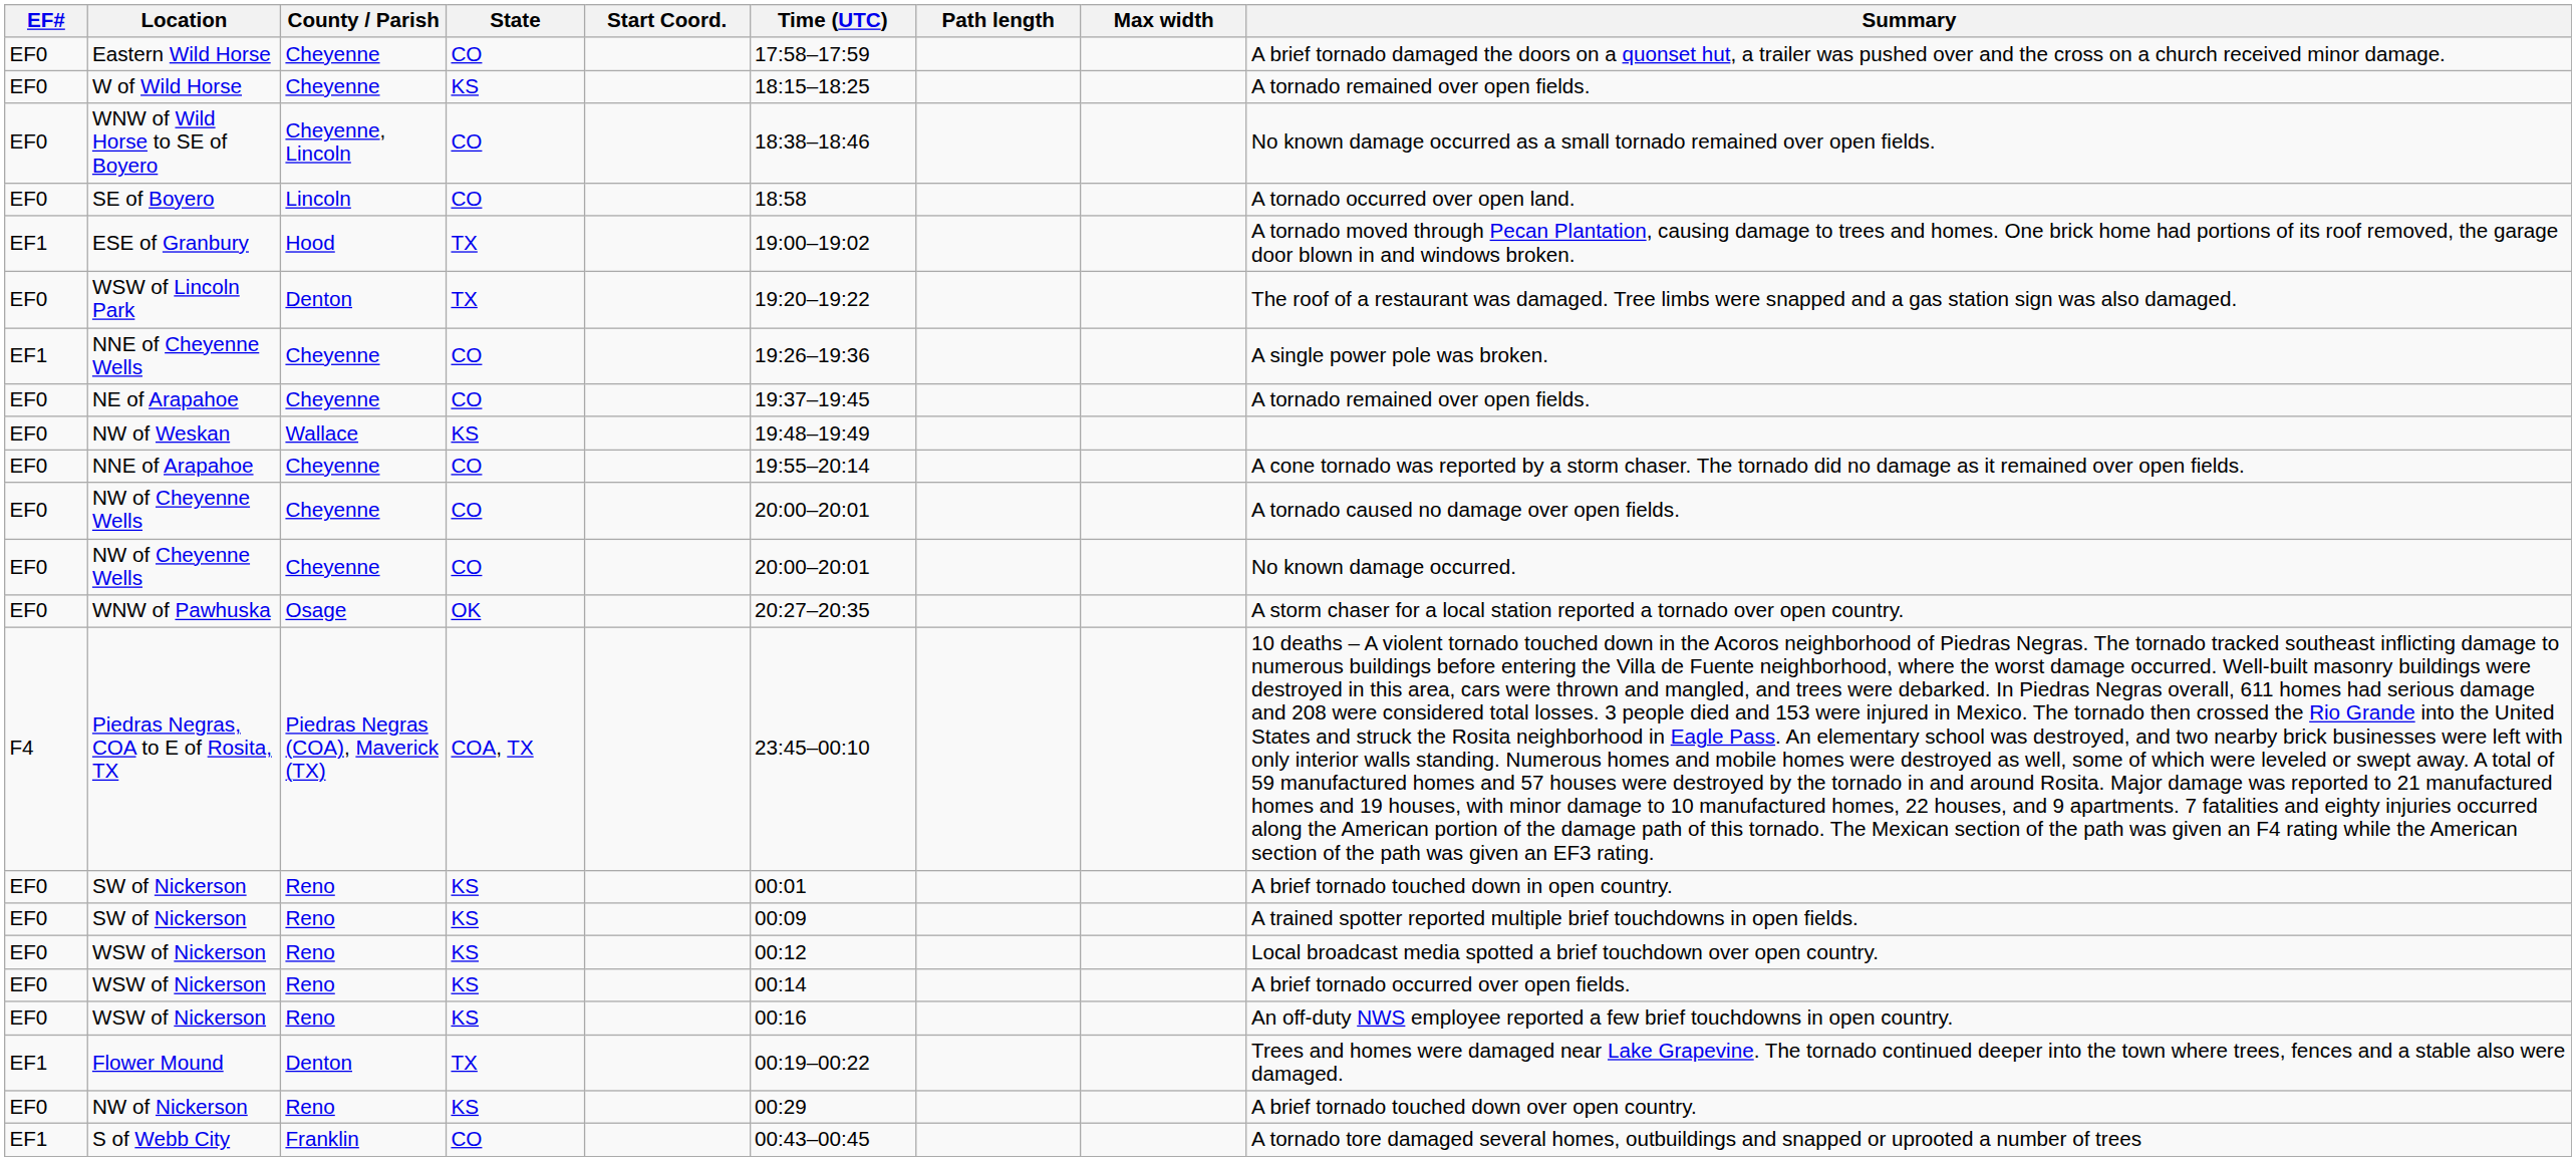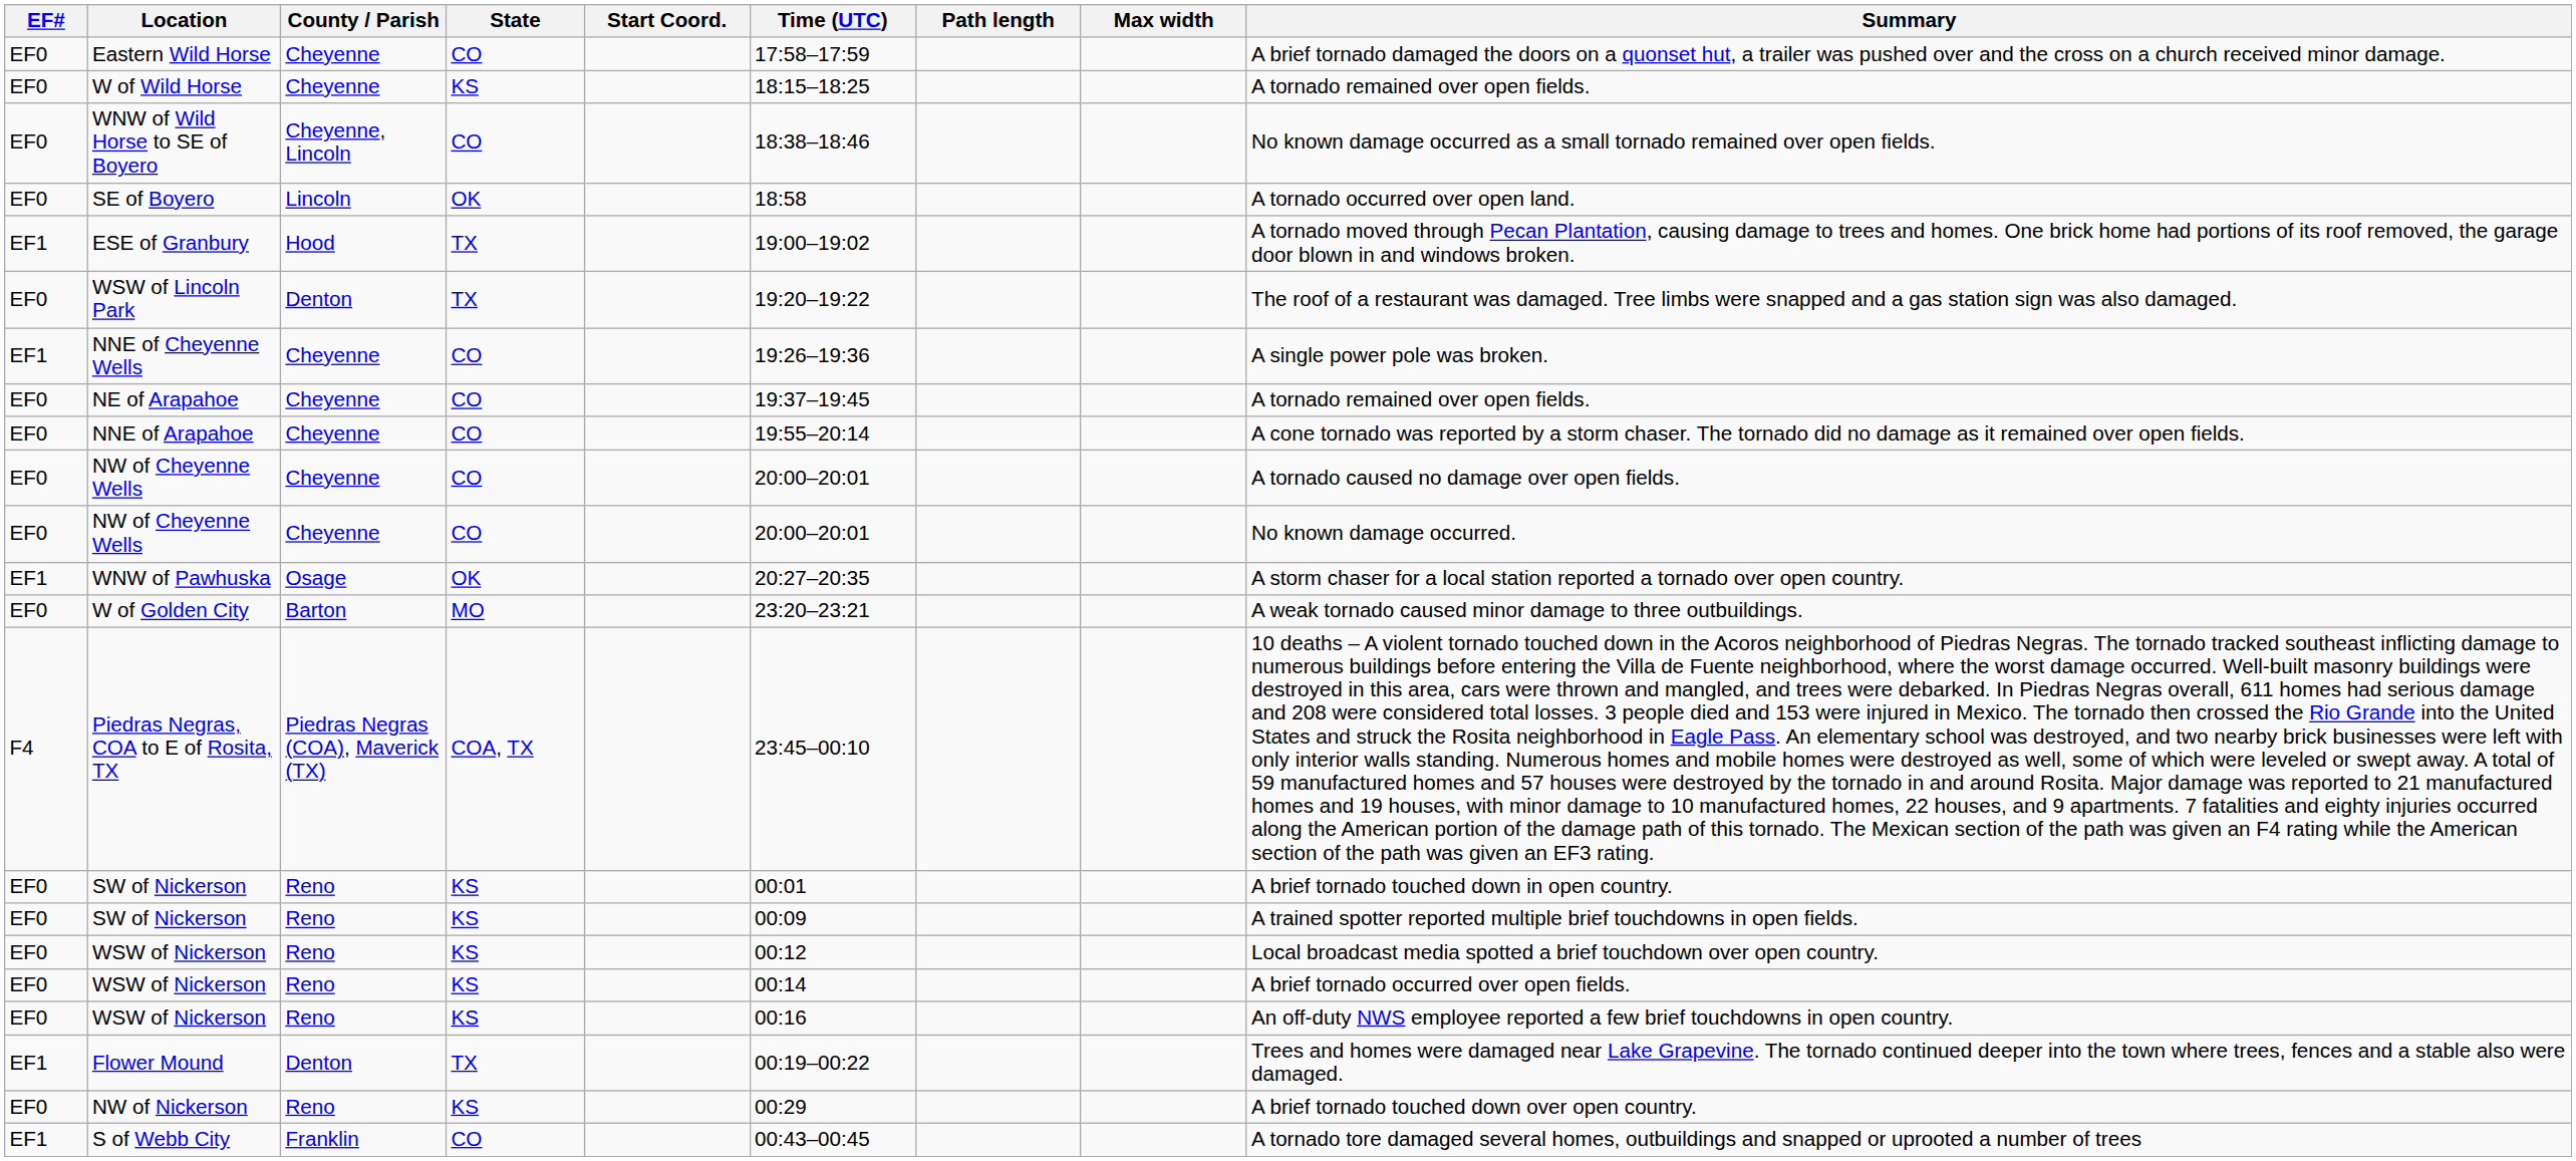 <table class="wikitable sortable" style="width:100%;">
 <tr>
 <th scope="col"  style="width:3%; text-align:center;"><a href='#'>EF#</a></th>
 <th scope="col"  style="width:7%; text-align:center;" class="unsortable">Location</th>
 <th scope="col"  style="width:6%; text-align:center;" class="unsortable">County / Parish</th>
 <th scope="col"  style="width:5%; text-align:center;">State</th>
 <th scope="col"  style="width:6%; text-align:center;">Start Coord.</th>
 <th scope="col"  style="width:6%; text-align:center;">Time (<a href='#'>UTC</a>)</th>
 <th scope="col"  style="width:6%; text-align:center;">Path length</th>
 <th scope="col"  style="width:6%; text-align:center;">Max width</th>
 <th scope="col" class="unsortable" style="width:48%; text-align:center;">Summary</th>
 </tr>
 <tr>
 <td>EF0</td>
 <td>Eastern <a href='#'>Wild Horse</a></td>
 <td><a href='#'>Cheyenne</a></td>
 <td><a href='#'>CO</a></td>
 <td></td>
 <td>17:58–17:59</td>
 <td></td>
 <td></td>
 <td>A brief tornado damaged the doors on a <a href='#'>quonset hut</a>, a trailer was pushed over and the cross on a church received minor damage.</td>
 </tr>
 <tr>
 <td>EF0</td>
 <td>W of <a href='#'>Wild Horse</a></td>
 <td><a href='#'>Cheyenne</a></td>
 <td><a href='#'>KS</a></td>
 <td></td>
 <td>18:15–18:25</td>
 <td></td>
 <td></td>
 <td>A tornado remained over open fields.</td>
 </tr>
 <tr>
 <td>EF0</td>
 <td>WNW of <a href='#'>Wild Horse</a> to SE of <a href='#'>Boyero</a></td>
 <td><a href='#'>Cheyenne</a>, <a href='#'>Lincoln</a></td>
 <td><a href='#'>CO</a></td>
 <td></td>
 <td>18:38–18:46</td>
 <td></td>
 <td></td>
 <td>No known damage occurred as a small tornado remained over open fields.</td>
 </tr>
 <tr>
 <td>EF0</td>
 <td>SE of <a href='#'>Boyero</a></td>
 <td><a href='#'>Lincoln</a></td>
-<td><a href='#'>CO</a></td>
+<td><a href='#'>OK</a></td>
 <td></td>
 <td>18:58</td>
 <td></td>
 <td></td>
 <td>A tornado occurred over open land.</td>
 </tr>
 <tr>
 <td>EF1</td>
 <td>ESE of <a href='#'>Granbury</a></td>
 <td><a href='#'>Hood</a></td>
 <td><a href='#'>TX</a></td>
 <td></td>
 <td>19:00–19:02</td>
 <td></td>
 <td></td>
 <td>A tornado moved through <a href='#'>Pecan Plantation</a>, causing damage to trees and homes. One brick home had portions of its roof removed, the garage door blown in and windows broken.</td>
 </tr>
 <tr>
 <td>EF0</td>
 <td>WSW of <a href='#'>Lincoln Park</a></td>
 <td><a href='#'>Denton</a></td>
 <td><a href='#'>TX</a></td>
 <td></td>
 <td>19:20–19:22</td>
 <td></td>
 <td></td>
 <td>The roof of a restaurant was damaged. Tree limbs were snapped and a gas station sign was also damaged.</td>
 </tr>
 <tr>
 <td>EF1</td>
 <td>NNE of <a href='#'>Cheyenne Wells</a></td>
 <td><a href='#'>Cheyenne</a></td>
 <td><a href='#'>CO</a></td>
 <td></td>
 <td>19:26–19:36</td>
 <td></td>
 <td></td>
 <td>A single power pole was broken.</td>
 </tr>
 <tr>
 <td>EF0</td>
 <td>NE of <a href='#'>Arapahoe</a></td>
 <td><a href='#'>Cheyenne</a></td>
 <td><a href='#'>CO</a></td>
 <td></td>
 <td>19:37–19:45</td>
 <td></td>
 <td></td>
 <td>A tornado remained over open fields.</td>
 </tr>
 <tr>
 <td>EF0</td>
-<td>NW of <a href='#'>Weskan</a></td>
-<td><a href='#'>Wallace</a></td>
-<td><a href='#'>KS</a></td>
-<td></td>
-<td>19:48–19:49</td>
-<td></td>
-<td></td>
-<td></td>
-</tr>
-<tr>
-<td>EF0</td>
 <td>NNE of <a href='#'>Arapahoe</a></td>
 <td><a href='#'>Cheyenne</a></td>
 <td><a href='#'>CO</a></td>
 <td></td>
 <td>19:55–20:14</td>
 <td></td>
 <td></td>
 <td>A cone tornado was reported by a storm chaser. The tornado did no damage as it remained over open fields.</td>
 </tr>
 <tr>
 <td>EF0</td>
 <td>NW of <a href='#'>Cheyenne Wells</a></td>
 <td><a href='#'>Cheyenne</a></td>
 <td><a href='#'>CO</a></td>
 <td></td>
 <td>20:00–20:01</td>
 <td></td>
 <td></td>
 <td>A tornado caused no damage over open fields.</td>
 </tr>
 <tr>
 <td>EF0</td>
 <td>NW of <a href='#'>Cheyenne Wells</a></td>
 <td><a href='#'>Cheyenne</a></td>
 <td><a href='#'>CO</a></td>
 <td></td>
 <td>20:00–20:01</td>
 <td></td>
 <td></td>
 <td>No known damage occurred.</td>
 </tr>
 <tr>
-<td>EF0</td>
+<td>EF1</td>
 <td>WNW of <a href='#'>Pawhuska</a></td>
 <td><a href='#'>Osage</a></td>
 <td><a href='#'>OK</a></td>
 <td></td>
 <td>20:27–20:35</td>
 <td></td>
 <td></td>
 <td>A storm chaser for a local station reported a tornado over open country.</td>
+</tr>
+<tr>
+<td>EF0</td>
+<td>W of <a href='#'>Golden City</a></td>
+<td><a href='#'>Barton</a></td>
+<td><a href='#'>MO</a></td>
+<td></td>
+<td>23:20–23:21</td>
+<td></td>
+<td></td>
+<td>A weak tornado caused minor damage to three outbuildings.</td>
 </tr>
 <tr>
 <td>F4</td>
 <td><a href='#'>Piedras Negras, COA</a> to E of <a href='#'>Rosita, TX</a></td>
 <td><a href='#'>Piedras Negras (COA)</a>, <a href='#'>Maverick (TX)</a></td>
 <td><a href='#'>COA</a>, <a href='#'>TX</a></td>
 <td></td>
 <td>23:45–00:10</td>
 <td></td>
 <td></td>
 <td>10 deaths – A violent tornado touched down in the Acoros neighborhood of Piedras Negras. The tornado tracked southeast inflicting damage to numerous buildings before entering the Villa de Fuente neighborhood, where the worst damage occurred. Well-built masonry buildings were destroyed in this area, cars were thrown and mangled, and trees were debarked. In Piedras Negras overall, 611 homes had serious damage and 208 were considered total losses. 3 people died and 153 were injured in Mexico. The tornado then crossed the <a href='#'>Rio Grande</a> into the United States and struck the Rosita neighborhood in <a href='#'>Eagle Pass</a>. An elementary school was destroyed, and two nearby brick businesses were left with only interior walls standing. Numerous homes and mobile homes were destroyed as well, some of which were leveled or swept away. A total of 59 manufactured homes and 57 houses were destroyed by the tornado in and around Rosita. Major damage was reported to 21 manufactured homes and 19 houses, with minor damage to 10 manufactured homes, 22 houses, and 9 apartments. 7 fatalities and eighty injuries occurred along the American portion of the damage path of this tornado. The Mexican section of the path was given an F4 rating while the American section of the path was given an EF3 rating.</td>
 </tr>
 <tr>
 <td>EF0</td>
 <td>SW of <a href='#'>Nickerson</a></td>
 <td><a href='#'>Reno</a></td>
 <td><a href='#'>KS</a></td>
 <td></td>
 <td>00:01</td>
 <td></td>
 <td></td>
 <td>A brief tornado touched down in open country.</td>
 </tr>
 <tr>
 <td>EF0</td>
 <td>SW of <a href='#'>Nickerson</a></td>
 <td><a href='#'>Reno</a></td>
 <td><a href='#'>KS</a></td>
 <td></td>
 <td>00:09</td>
 <td></td>
 <td></td>
 <td>A trained spotter reported multiple brief touchdowns in open fields.</td>
 </tr>
 <tr>
 <td>EF0</td>
 <td>WSW of <a href='#'>Nickerson</a></td>
 <td><a href='#'>Reno</a></td>
 <td><a href='#'>KS</a></td>
 <td></td>
 <td>00:12</td>
 <td></td>
 <td></td>
 <td>Local broadcast media spotted a brief touchdown over open country.</td>
 </tr>
 <tr>
 <td>EF0</td>
 <td>WSW of <a href='#'>Nickerson</a></td>
 <td><a href='#'>Reno</a></td>
 <td><a href='#'>KS</a></td>
 <td></td>
 <td>00:14</td>
 <td></td>
 <td></td>
 <td>A brief tornado occurred over open fields.</td>
 </tr>
 <tr>
 <td>EF0</td>
 <td>WSW of <a href='#'>Nickerson</a></td>
 <td><a href='#'>Reno</a></td>
 <td><a href='#'>KS</a></td>
 <td></td>
 <td>00:16</td>
 <td></td>
 <td></td>
 <td>An off-duty <a href='#'>NWS</a> employee reported a few brief touchdowns in open country.</td>
 </tr>
 <tr>
 <td>EF1</td>
 <td><a href='#'>Flower Mound</a></td>
 <td><a href='#'>Denton</a></td>
 <td><a href='#'>TX</a></td>
 <td></td>
 <td>00:19–00:22</td>
 <td></td>
 <td></td>
 <td>Trees and homes were damaged near <a href='#'>Lake Grapevine</a>. The tornado continued deeper into the town where trees, fences and a stable also were damaged.</td>
 </tr>
 <tr>
 <td>EF0</td>
 <td>NW of <a href='#'>Nickerson</a></td>
 <td><a href='#'>Reno</a></td>
 <td><a href='#'>KS</a></td>
 <td></td>
 <td>00:29</td>
 <td></td>
 <td></td>
 <td>A brief tornado touched down over open country.</td>
 </tr>
 <tr>
 <td>EF1</td>
 <td>S of <a href='#'>Webb City</a></td>
 <td><a href='#'>Franklin</a></td>
 <td><a href='#'>CO</a></td>
 <td></td>
 <td>00:43–00:45</td>
 <td></td>
 <td></td>
 <td>A tornado tore damaged several homes, outbuildings and snapped or uprooted a number of trees</td>
 </tr>
 <tr>
 </tr>
 </table>
